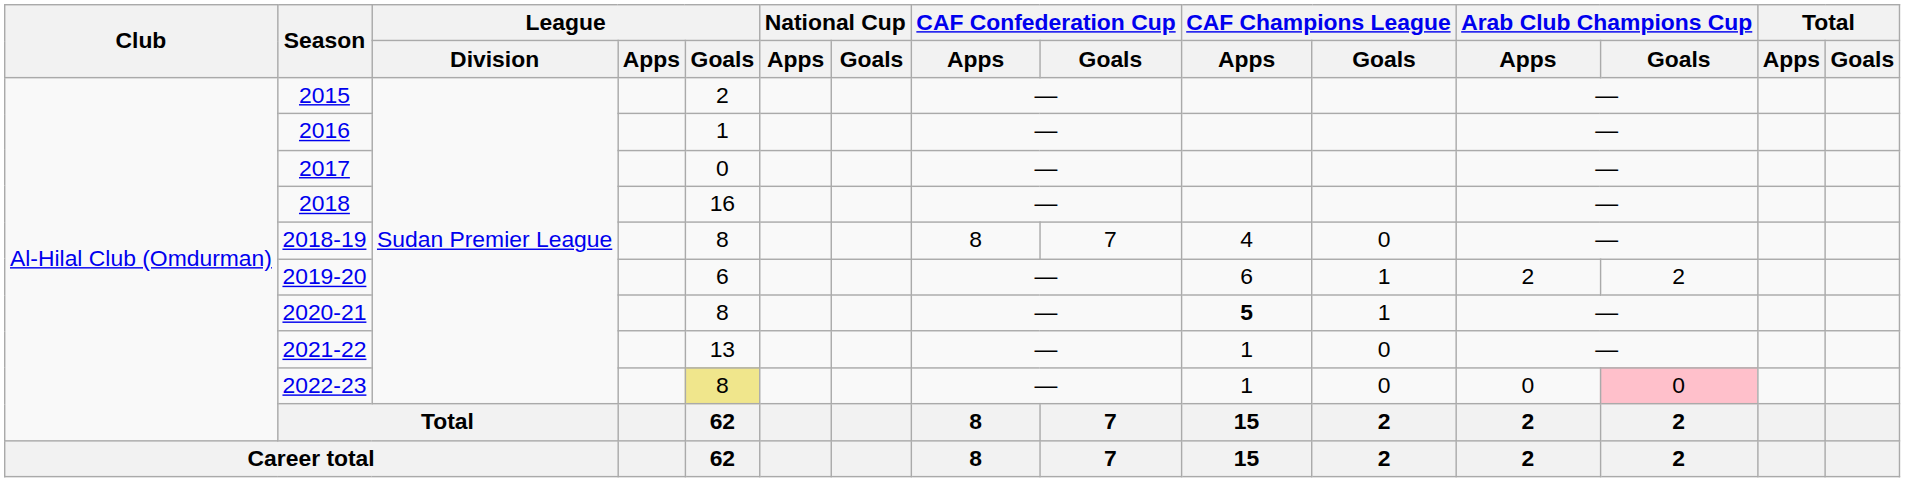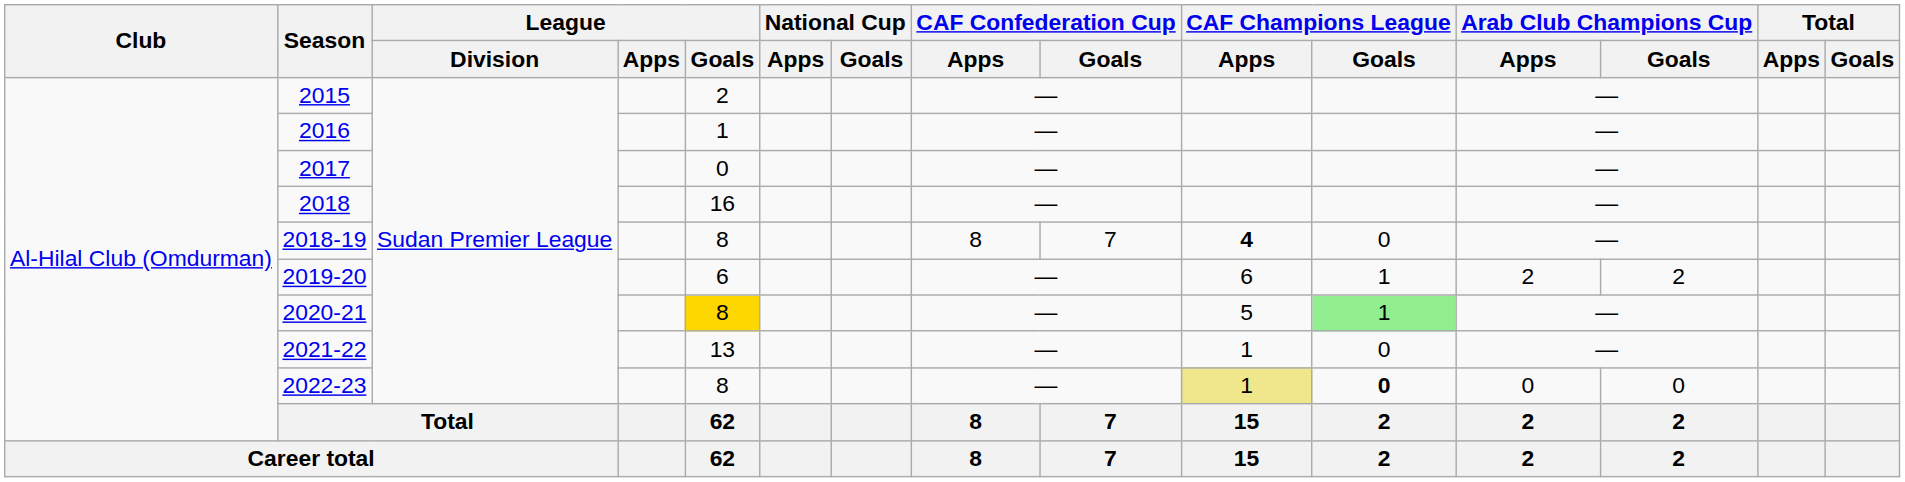 <table class="wikitable" style="text-align: center">
 <tr>
 <th rowspan="2">Club</th>
 <th rowspan="2">Season</th>
 <th colspan="3">League</th>
 <th colspan="2">National Cup</th>
 <th colspan="2"><a href='#'>CAF Confederation Cup</a></th>
 <th colspan="2"><a href='#'>CAF Champions League</a></th>
 <th colspan="2"><a href='#'>Arab Club Champions Cup</a></th>
 <th colspan="2">Total</th>
 </tr>
 <tr>
 <th>Division</th>
 <th>Apps</th>
 <th>Goals</th>
 <th>Apps</th>
 <th>Goals</th>
 <th>Apps</th>
 <th>Goals</th>
 <th>Apps</th>
 <th>Goals</th>
 <th>Apps</th>
 <th>Goals</th>
 <th>Apps</th>
 <th>Goals</th>
 </tr>
 <tr>
 <td rowspan="10"><a href='#'>Al-Hilal Club (Omdurman)</a></td>
 <td><a href='#'>2015</a></td>
 <td rowspan="9"><a href='#'>Sudan Premier League</a></td>
 <td></td>
 <td>2</td>
 <td></td>
 <td></td>
 <td colspan="2">—</td>
 <td></td>
 <td></td>
 <td colspan="2">—</td>
 <td></td>
 <td></td>
 </tr>
 <tr>
 <td><a href='#'>2016</a></td>
 <td></td>
 <td>1</td>
 <td></td>
 <td></td>
 <td colspan="2">—</td>
 <td></td>
 <td></td>
 <td colspan="2">—</td>
 <td></td>
 <td></td>
 </tr>
 <tr>
 <td><a href='#'>2017</a></td>
 <td></td>
 <td>0</td>
 <td></td>
 <td></td>
 <td colspan="2">—</td>
 <td></td>
 <td></td>
 <td colspan="2">—</td>
 <td></td>
 <td></td>
 </tr>
 <tr>
 <td><a href='#'>2018</a></td>
 <td></td>
 <td>16</td>
 <td></td>
 <td></td>
 <td colspan="2">—</td>
 <td></td>
 <td></td>
 <td colspan="2">—</td>
 <td></td>
 <td></td>
 </tr>
 <tr>
 <td><a href='#'>2018-19</a></td>
 <td></td>
 <td>8</td>
 <td></td>
 <td></td>
 <td>8</td>
 <td>7</td>
-<td>4</td>
+<td><strong>4</strong></td>
 <td>0</td>
 <td colspan="2">—</td>
 <td></td>
 <td></td>
 </tr>
 <tr>
 <td><a href='#'>2019-20</a></td>
 <td></td>
 <td>6</td>
 <td></td>
 <td></td>
 <td colspan="2">—</td>
 <td>6</td>
 <td>1</td>
 <td>2</td>
 <td>2</td>
 <td></td>
 <td></td>
 </tr>
 <tr>
 <td><a href='#'>2020-21</a></td>
 <td></td>
-<td>8</td>
+<td style="background: gold;">8</td>
 <td></td>
 <td></td>
 <td colspan="2">—</td>
-<td><strong>5</strong></td>
-<td>1</td>
+<td>5</td>
+<td style="background: lightgreen;">1</td>
 <td colspan="2">—</td>
 <td></td>
 <td></td>
 </tr>
 <tr>
 <td><a href='#'>2021-22</a></td>
 <td></td>
 <td>13</td>
 <td></td>
 <td></td>
 <td colspan="2">—</td>
 <td>1</td>
 <td>0</td>
 <td colspan="2">—</td>
 <td></td>
 <td></td>
 </tr>
 <tr>
 <td><a href='#'>2022-23</a></td>
 <td></td>
-<td style="background: khaki;">8</td>
+<td>8</td>
 <td></td>
 <td></td>
 <td colspan="2">—</td>
-<td>1</td>
+<td style="background: khaki;">1</td>
+<td><strong>0</strong></td>
 <td>0</td>
 <td>0</td>
-<td style="background: pink;">0</td>
 <td></td>
 <td></td>
 </tr>
 <tr>
 <th colspan="2">Total</th>
 <th></th>
 <th>62</th>
 <th></th>
 <th></th>
 <th>8</th>
 <th>7</th>
 <th>15</th>
 <th>2</th>
 <th>2</th>
 <th>2</th>
 <th></th>
 <th></th>
 </tr>
 <tr>
 <th colspan="3">Career total</th>
 <th></th>
 <th>62</th>
 <th></th>
 <th></th>
 <th>8</th>
 <th>7</th>
 <th>15</th>
 <th>2</th>
 <th>2</th>
 <th>2</th>
 <th></th>
 <th></th>
 </tr>
 </table>
